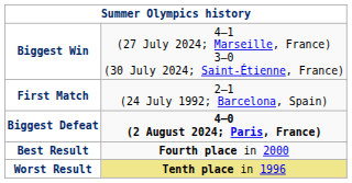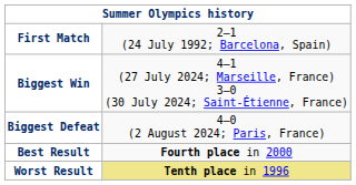 <table class="wikitable collapsible collapsed" style="text-align: center;font-size:90%;">
 <tr>
 <th colspan=2 style="color:#002868; background:white; ">Summer Olympics history</th>
+</tr>
+<tr>
+<th style="color:#002868; background:white; ">First Match</th>
+<td> 2–1  <br> (24 July 1992; <a href='#'>Barcelona</a>, Spain)</td>
 </tr>
 <tr>
 <th style="color:#002868; background:white; ">Biggest Win</th>
 <td> 4–1  <br> (27 July 2024; <a href='#'>Marseille</a>, France) <br>  3–0  <br> (30 July 2024; <a href='#'>Saint-Étienne</a>, France)</td>
 </tr>
 <tr>
-<th style="color:#002868; background:white; ">First Match</th>
-<td> 2–1  <br> (24 July 1992; <a href='#'>Barcelona</a>, Spain)</td>
-</tr>
-<tr>
 <th style="color:#002868; background:white; ">Biggest Defeat</th>
-<td><strong> 4–0 <br>(2 August 2024; <a href='#'>Paris</a>, France)</strong></td>
+<td> 4–0 <br>(2 August 2024; <a href='#'>Paris</a>, France)</td>
 </tr>
 <tr>
 <th style="color:#002868; background:white; ">Best Result</th>
 <td><strong>Fourth place</strong> in <a href='#'>2000</a></td>
 </tr>
 <tr>
 <th style="color:#002868; background:white; ">Worst Result</th>
 <td style="background: khaki;"><strong>Tenth place</strong> in <a href='#'>1996</a></td>
 </tr>
 </table>
